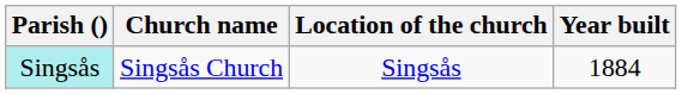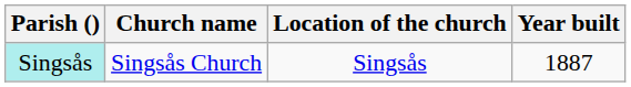 <table class="wikitable" style="text-align:center">
 <tr>
 <th>Parish ()</th>
 <th>Church name</th>
 <th>Location of the church</th>
 <th>Year built</th>
 </tr>
 <tr>
 <td rowspan="1" style="background: paleturquoise;">Singsås</td>
 <td><a href='#'>Singsås Church</a></td>
 <td><a href='#'>Singsås</a></td>
-<td>1884</td>
+<td>1887</td>
 </tr>
 </table>
